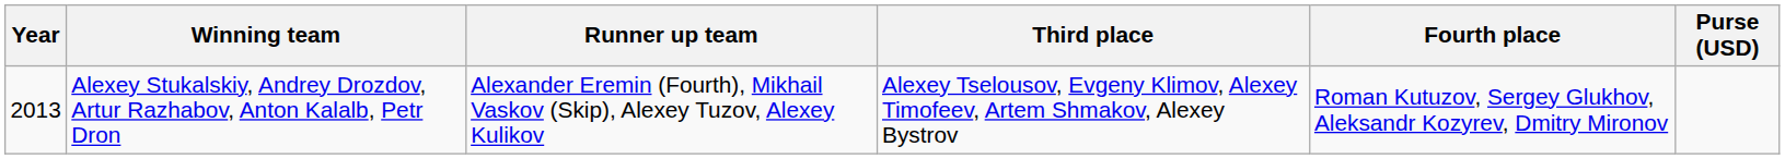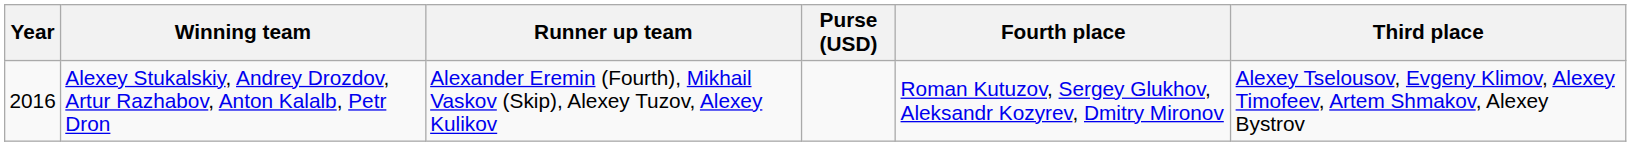 <table class="wikitable">
 <tr>
 <th scope="col">Year</th>
 <th scope="col">Winning team</th>
 <th scope="col">Runner up team</th>
+<th scope="col">Purse (USD)</th>
+<th scope="col">Fourth place</th>
 <th scope="col">Third place</th>
-<th scope="col">Fourth place</th>
-<th scope="col">Purse (USD)</th>
 </tr>
 <tr>
-<td>2013</td>
+<td>2016</td>
 <td> <a href='#'>Alexey Stukalskiy</a>, <a href='#'>Andrey Drozdov</a>, <a href='#'>Artur Razhabov</a>, <a href='#'>Anton Kalalb</a>, <a href='#'>Petr Dron</a></td>
 <td> <a href='#'>Alexander Eremin</a> (Fourth), <a href='#'>Mikhail Vaskov</a> (Skip), Alexey Tuzov, <a href='#'>Alexey Kulikov</a></td>
+<td></td>
+<td> <a href='#'>Roman Kutuzov</a>, <a href='#'>Sergey Glukhov</a>, <a href='#'>Aleksandr Kozyrev</a>, <a href='#'>Dmitry Mironov</a></td>
 <td> <a href='#'>Alexey Tselousov</a>, <a href='#'>Evgeny Klimov</a>, <a href='#'>Alexey Timofeev</a>, <a href='#'>Artem Shmakov</a>, Alexey Bystrov</td>
-<td> <a href='#'>Roman Kutuzov</a>, <a href='#'>Sergey Glukhov</a>, <a href='#'>Aleksandr Kozyrev</a>, <a href='#'>Dmitry Mironov</a></td>
-<td></td>
 </tr>
 </table>
